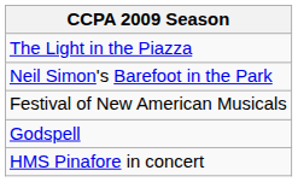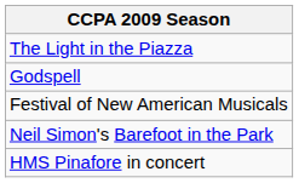 <table class="wikitable">
 <tr>
 <th>CCPA 2009 Season</th>
 </tr>
 <tr>
 <td><a href='#'>The Light in the Piazza</a></td>
 </tr>
 <tr>
-<td><a href='#'>Neil Simon</a>'s <a href='#'>Barefoot in the Park</a></td>
+<td><a href='#'>Godspell</a></td>
 </tr>
 <tr>
 <td>Festival of New American Musicals</td>
 </tr>
 <tr>
-<td><a href='#'>Godspell</a></td>
+<td><a href='#'>Neil Simon</a>'s <a href='#'>Barefoot in the Park</a></td>
 </tr>
 <tr>
 <td><a href='#'>HMS Pinafore</a> in concert</td>
 </tr>
 </table>
